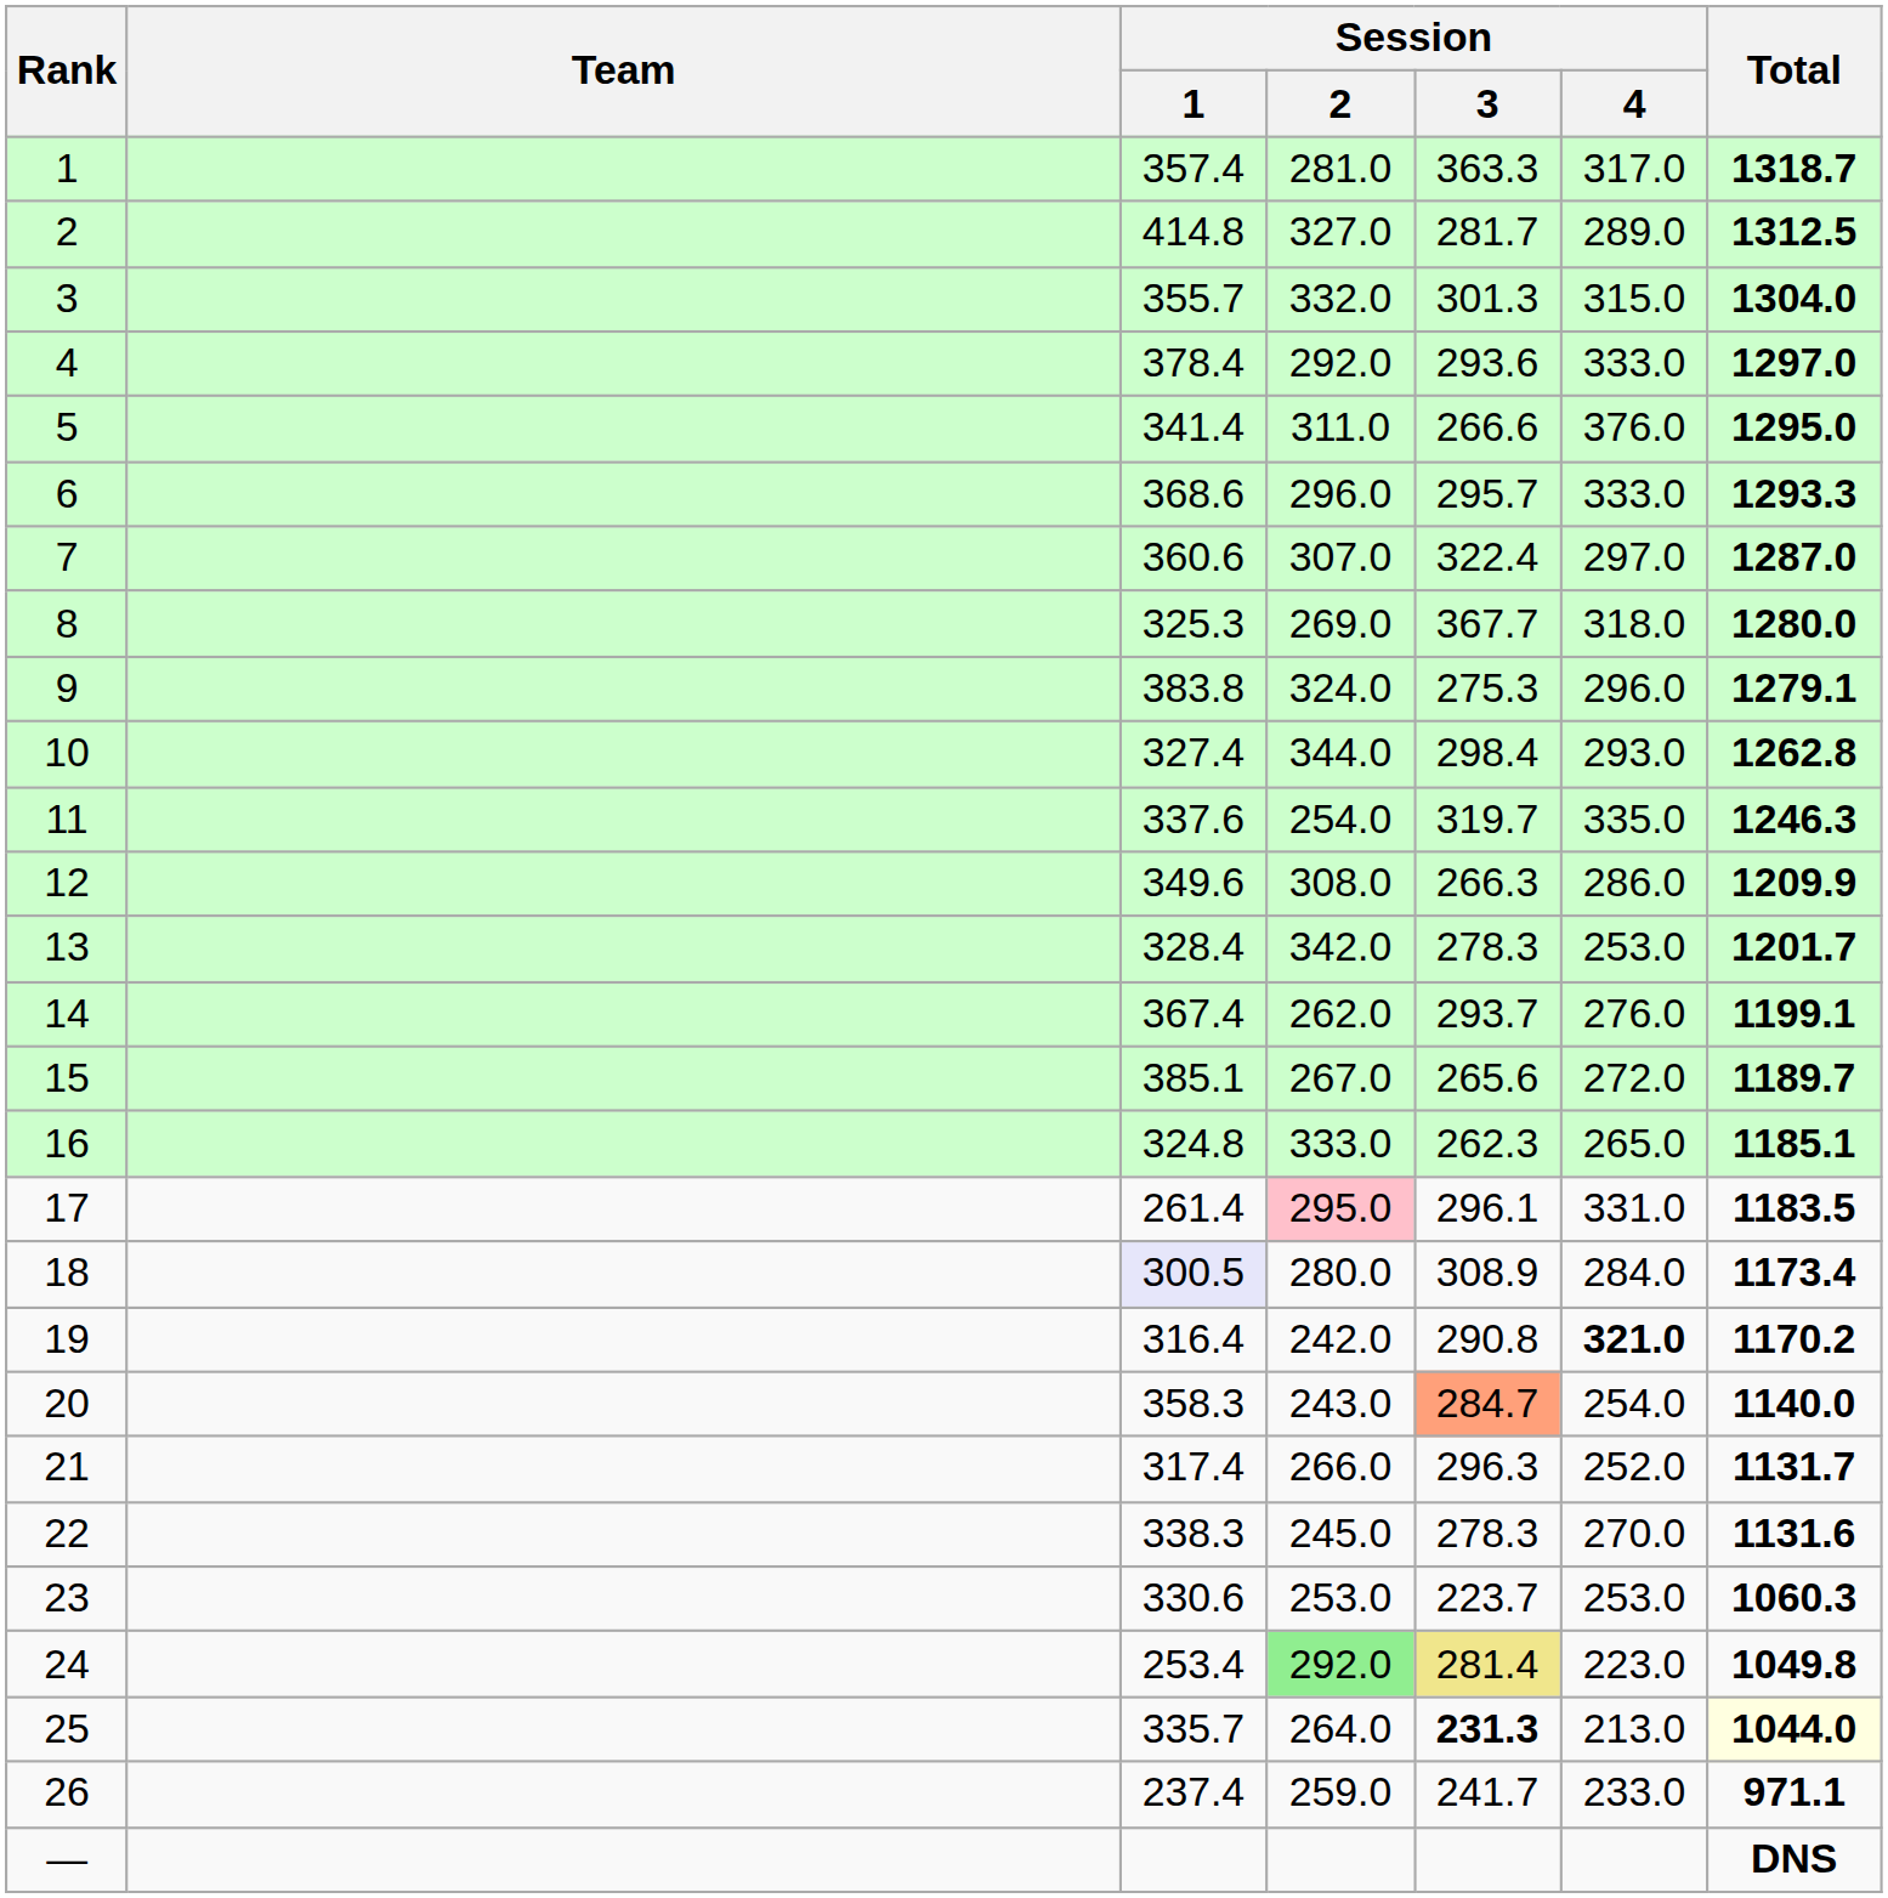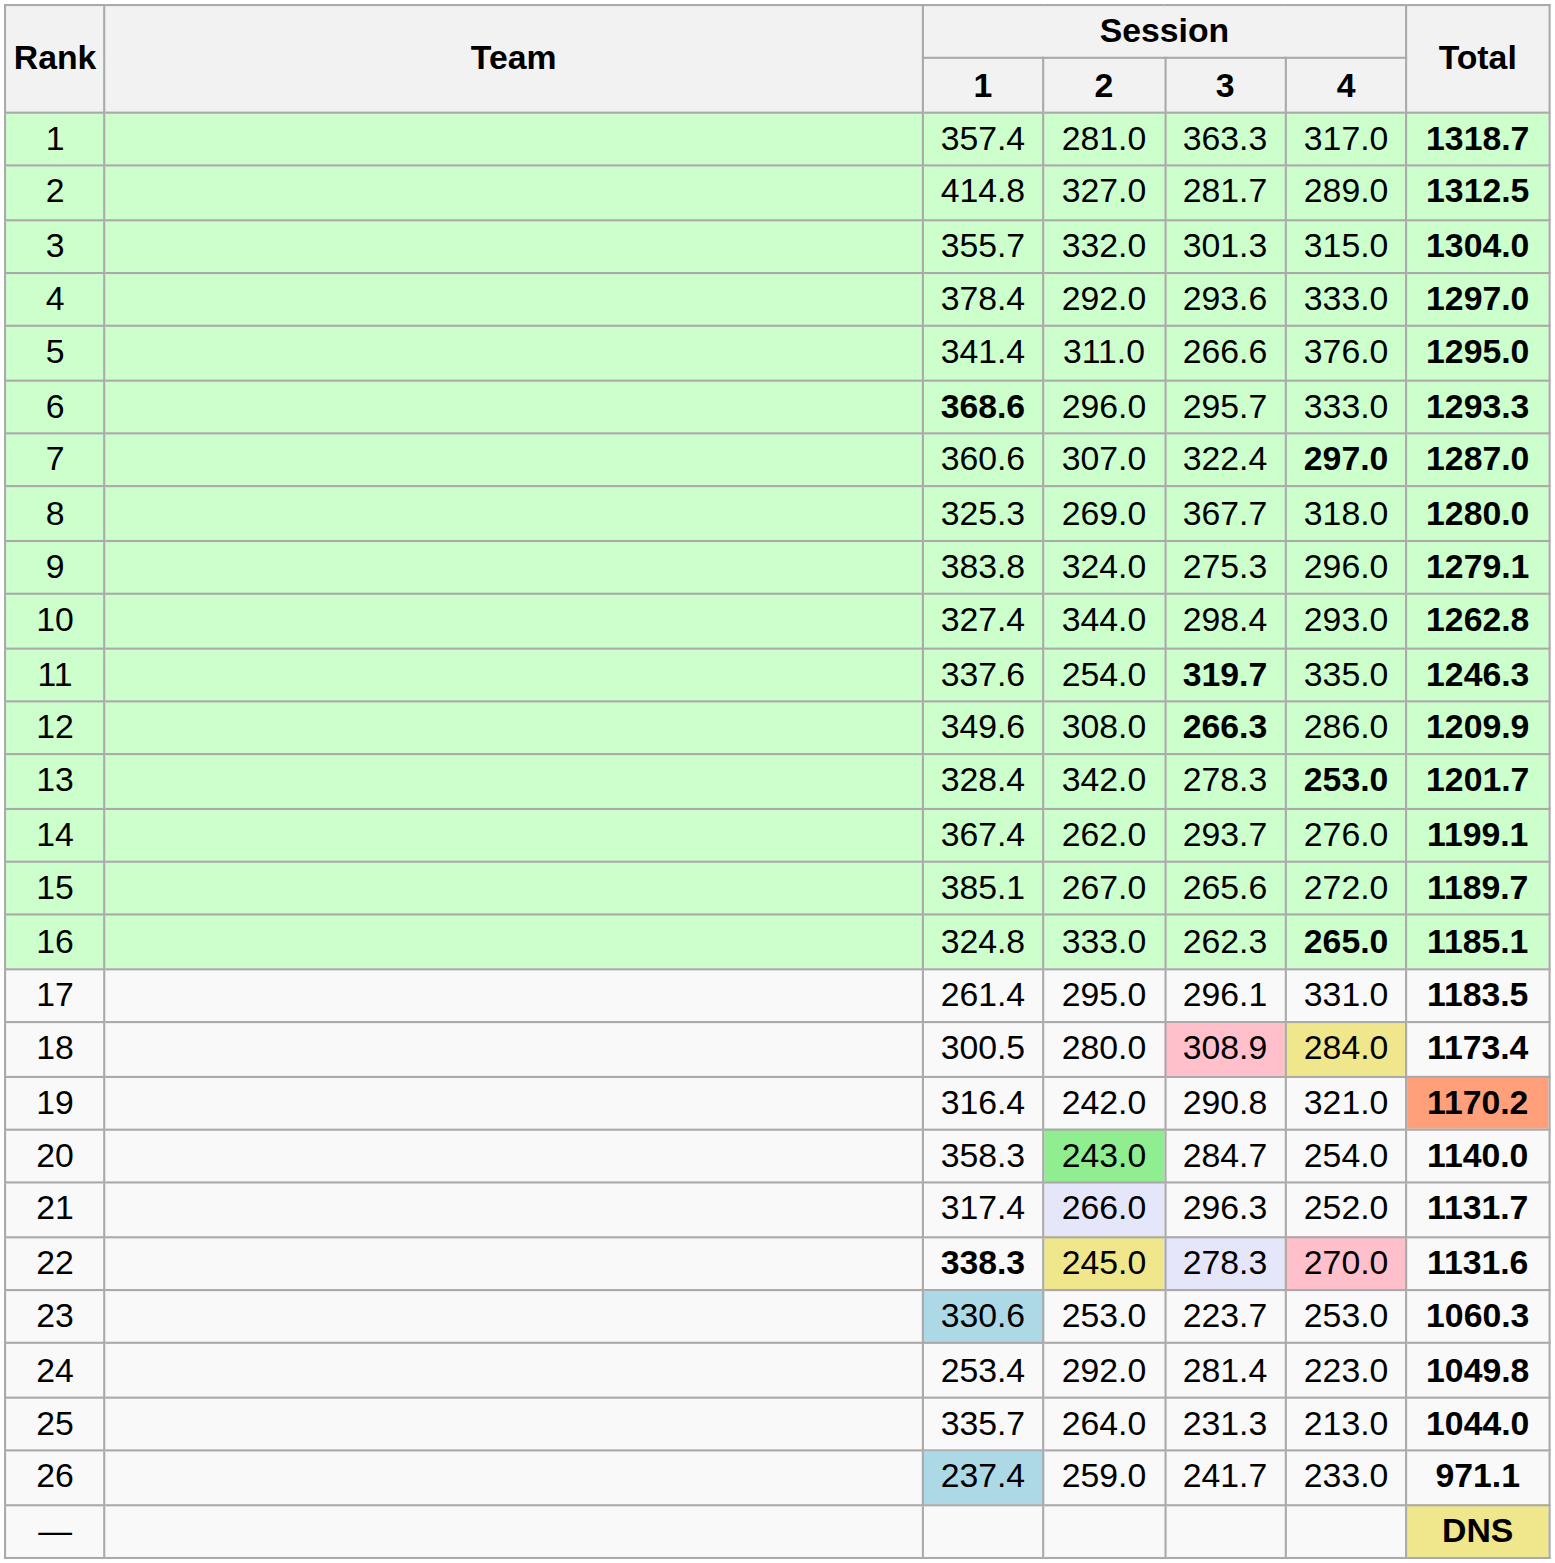 <table class=wikitable style="text-align:center">
 <tr>
 <th rowspan="2" width=40>Rank</th>
 <th rowspan="2" width=380>Team</th>
 <th colspan=4>Session</th>
 <th rowspan=2 width=60>Total</th>
 </tr>
 <tr>
 <th width=50>1</th>
 <th width=50>2</th>
 <th width=50>3</th>
 <th width=50>4</th>
 </tr>
 <tr bgcolor="ccffcc">
 <td>1</td>
 <td align=left></td>
 <td>357.4</td>
 <td>281.0</td>
 <td>363.3</td>
 <td>317.0</td>
 <td><strong>1318.7</strong></td>
 </tr>
 <tr bgcolor="ccffcc">
 <td>2</td>
 <td align=left></td>
 <td>414.8</td>
 <td>327.0</td>
 <td>281.7</td>
 <td>289.0</td>
 <td><strong>1312.5</strong></td>
 </tr>
 <tr bgcolor="ccffcc">
 <td>3</td>
 <td align=left></td>
 <td>355.7</td>
 <td>332.0</td>
 <td>301.3</td>
 <td>315.0</td>
 <td><strong>1304.0</strong></td>
 </tr>
 <tr bgcolor="ccffcc">
 <td>4</td>
 <td align=left></td>
 <td>378.4</td>
 <td>292.0</td>
 <td>293.6</td>
 <td>333.0</td>
 <td><strong>1297.0</strong></td>
 </tr>
 <tr bgcolor="ccffcc">
 <td>5</td>
 <td align=left></td>
 <td>341.4</td>
 <td>311.0</td>
 <td>266.6</td>
 <td>376.0</td>
 <td><strong>1295.0</strong></td>
 </tr>
 <tr bgcolor="ccffcc">
 <td>6</td>
 <td align=left></td>
-<td>368.6</td>
+<td><strong>368.6</strong></td>
 <td>296.0</td>
 <td>295.7</td>
 <td>333.0</td>
 <td><strong>1293.3</strong></td>
 </tr>
 <tr bgcolor="ccffcc">
 <td>7</td>
 <td align=left></td>
 <td>360.6</td>
 <td>307.0</td>
 <td>322.4</td>
-<td>297.0</td>
+<td><strong>297.0</strong></td>
 <td><strong>1287.0</strong></td>
 </tr>
 <tr bgcolor="ccffcc">
 <td>8</td>
 <td align=left></td>
 <td>325.3</td>
 <td>269.0</td>
 <td>367.7</td>
 <td>318.0</td>
 <td><strong>1280.0</strong></td>
 </tr>
 <tr bgcolor="ccffcc">
 <td>9</td>
 <td align=left></td>
 <td>383.8</td>
 <td>324.0</td>
 <td>275.3</td>
 <td>296.0</td>
 <td><strong>1279.1</strong></td>
 </tr>
 <tr bgcolor="ccffcc">
 <td>10</td>
 <td align=left></td>
 <td>327.4</td>
 <td>344.0</td>
 <td>298.4</td>
 <td>293.0</td>
 <td><strong>1262.8</strong></td>
 </tr>
 <tr bgcolor="ccffcc">
 <td>11</td>
 <td align=left></td>
 <td>337.6</td>
 <td>254.0</td>
-<td>319.7</td>
+<td><strong>319.7</strong></td>
 <td>335.0</td>
 <td><strong>1246.3</strong></td>
 </tr>
 <tr bgcolor="ccffcc">
 <td>12</td>
 <td align=left></td>
 <td>349.6</td>
 <td>308.0</td>
-<td>266.3</td>
+<td><strong>266.3</strong></td>
 <td>286.0</td>
 <td><strong>1209.9</strong></td>
 </tr>
 <tr bgcolor="ccffcc">
 <td>13</td>
 <td align=left></td>
 <td>328.4</td>
 <td>342.0</td>
 <td>278.3</td>
-<td>253.0</td>
+<td><strong>253.0</strong></td>
 <td><strong>1201.7</strong></td>
 </tr>
 <tr bgcolor="ccffcc">
 <td>14</td>
 <td align=left></td>
 <td>367.4</td>
 <td>262.0</td>
 <td>293.7</td>
 <td>276.0</td>
 <td><strong>1199.1</strong></td>
 </tr>
 <tr bgcolor="ccffcc">
 <td>15</td>
 <td align=left></td>
 <td>385.1</td>
 <td>267.0</td>
 <td>265.6</td>
 <td>272.0</td>
 <td><strong>1189.7</strong></td>
 </tr>
 <tr bgcolor="ccffcc">
 <td>16</td>
 <td align=left></td>
 <td>324.8</td>
 <td>333.0</td>
 <td>262.3</td>
-<td>265.0</td>
+<td><strong>265.0</strong></td>
 <td><strong>1185.1</strong></td>
 </tr>
 <tr>
 <td>17</td>
 <td align=left></td>
 <td>261.4</td>
-<td style="background: pink;">295.0</td>
+<td>295.0</td>
 <td>296.1</td>
 <td>331.0</td>
 <td><strong>1183.5</strong></td>
 </tr>
 <tr>
 <td>18</td>
 <td align=left></td>
-<td style="background: lavender;">300.5</td>
+<td>300.5</td>
 <td>280.0</td>
-<td>308.9</td>
-<td>284.0</td>
+<td style="background: pink;">308.9</td>
+<td style="background: khaki;">284.0</td>
 <td><strong>1173.4</strong></td>
 </tr>
 <tr>
 <td>19</td>
 <td align=left></td>
 <td>316.4</td>
 <td>242.0</td>
 <td>290.8</td>
-<td><strong>321.0</strong></td>
-<td><strong>1170.2</strong></td>
+<td>321.0</td>
+<td style="background: lightsalmon;"><strong>1170.2</strong></td>
 </tr>
 <tr>
 <td>20</td>
 <td align=left></td>
 <td>358.3</td>
-<td>243.0</td>
-<td style="background: lightsalmon;">284.7</td>
+<td style="background: lightgreen;">243.0</td>
+<td>284.7</td>
 <td>254.0</td>
 <td><strong>1140.0</strong></td>
 </tr>
 <tr>
 <td>21</td>
 <td align=left></td>
 <td>317.4</td>
-<td>266.0</td>
+<td style="background: lavender;">266.0</td>
 <td>296.3</td>
 <td>252.0</td>
 <td><strong>1131.7</strong></td>
 </tr>
 <tr>
 <td>22</td>
 <td align=left></td>
-<td>338.3</td>
-<td>245.0</td>
-<td>278.3</td>
-<td>270.0</td>
+<td><strong>338.3</strong></td>
+<td style="background: khaki;">245.0</td>
+<td style="background: lavender;">278.3</td>
+<td style="background: pink;">270.0</td>
 <td><strong>1131.6</strong></td>
 </tr>
 <tr>
 <td>23</td>
 <td align=left></td>
-<td>330.6</td>
+<td style="background: lightblue;">330.6</td>
 <td>253.0</td>
 <td>223.7</td>
 <td>253.0</td>
 <td><strong>1060.3</strong></td>
 </tr>
 <tr>
 <td>24</td>
 <td align=left></td>
 <td>253.4</td>
-<td style="background: lightgreen;">292.0</td>
-<td style="background: khaki;">281.4</td>
+<td>292.0</td>
+<td>281.4</td>
 <td>223.0</td>
 <td><strong>1049.8</strong></td>
 </tr>
 <tr>
 <td>25</td>
 <td align=left></td>
 <td>335.7</td>
 <td>264.0</td>
-<td><strong>231.3</strong></td>
+<td>231.3</td>
 <td>213.0</td>
-<td style="background: lightyellow;"><strong>1044.0</strong></td>
+<td><strong>1044.0</strong></td>
 </tr>
 <tr>
 <td>26</td>
 <td align=left></td>
-<td>237.4</td>
+<td style="background: lightblue;">237.4</td>
 <td>259.0</td>
 <td>241.7</td>
 <td>233.0</td>
 <td><strong>971.1</strong></td>
 </tr>
 <tr>
 <td>—</td>
 <td align=left></td>
 <td></td>
 <td></td>
 <td></td>
 <td></td>
-<td><strong>DNS</strong></td>
+<td style="background: khaki;"><strong>DNS</strong></td>
 </tr>
 </table>
